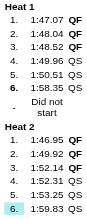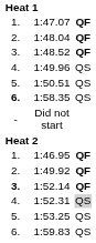 <table style="text-align:center">
 <tr>
 <td colspan=4 align=left><strong>Heat 1</strong></td>
 </tr>
 <tr>
 <td width=30>1.</td>
 <td align=left></td>
 <td width=60>1:47.07</td>
 <td><strong>QF</strong></td>
 </tr>
 <tr>
 <td>2.</td>
 <td align=left></td>
 <td>1:48.04</td>
 <td><strong>QF</strong></td>
 </tr>
 <tr>
 <td>3.</td>
 <td align=left></td>
 <td>1:48.52</td>
 <td><strong>QF</strong></td>
 </tr>
 <tr>
 <td>4.</td>
 <td align=left></td>
 <td>1:49.96</td>
 <td>QS</td>
 </tr>
 <tr>
 <td>5.</td>
 <td align=left></td>
 <td>1:50.51</td>
 <td>QS</td>
 </tr>
 <tr>
 <td><strong>6.</strong></td>
 <td align=left></td>
 <td>1:58.35</td>
 <td>QS</td>
 </tr>
 <tr>
 <td>-</td>
 <td align=left></td>
 <td>Did not start</td>
 <td></td>
 </tr>
 <tr>
 <td colspan=4 align=left><strong>Heat 2</strong></td>
 </tr>
 <tr>
 <td>1.</td>
 <td align=left></td>
 <td>1:46.95</td>
 <td><strong>QF</strong></td>
 </tr>
 <tr>
 <td>2.</td>
 <td align=left></td>
 <td>1:49.92</td>
 <td><strong>QF</strong></td>
 </tr>
 <tr>
-<td>3.</td>
+<td><strong>3.</strong></td>
 <td align=left></td>
 <td>1:52.14</td>
 <td><strong>QF</strong></td>
 </tr>
 <tr>
 <td>4.</td>
 <td align=left></td>
 <td>1:52.31</td>
-<td>QS</td>
+<td style="background: lightgrey;">QS</td>
 </tr>
 <tr>
 <td>5.</td>
 <td align=left></td>
 <td>1:53.25</td>
 <td>QS</td>
 </tr>
 <tr>
-<td style="background: paleturquoise;">6.</td>
+<td>6.</td>
 <td align=left></td>
 <td>1:59.83</td>
 <td>QS</td>
 </tr>
 </table>
